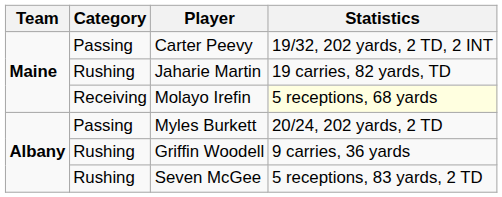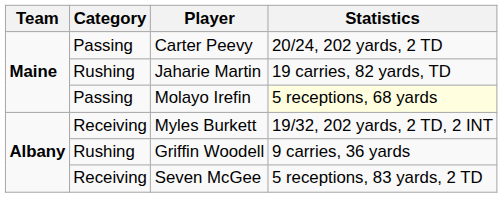 <table class="wikitable" style="float: right;">
 <tr>
 <th>Team</th>
 <th>Category</th>
 <th>Player</th>
 <th>Statistics</th>
 </tr>
 <tr>
 <td rowspan=3><strong>Maine</strong></td>
 <td>Passing</td>
 <td>Carter Peevy</td>
-<td>19/32, 202 yards, 2 TD, 2 INT</td>
+<td>20/24, 202 yards, 2 TD</td>
 </tr>
 <tr>
 <td>Rushing</td>
 <td>Jaharie Martin</td>
 <td>19 carries, 82 yards, TD</td>
 </tr>
 <tr>
-<td>Receiving</td>
+<td>Passing</td>
 <td>Molayo Irefin</td>
 <td style="background: lightyellow;">5 receptions, 68 yards</td>
 </tr>
 <tr>
 <td rowspan=3><strong>Albany</strong></td>
-<td>Passing</td>
+<td>Receiving</td>
 <td>Myles Burkett</td>
-<td>20/24, 202 yards, 2 TD</td>
+<td>19/32, 202 yards, 2 TD, 2 INT</td>
 </tr>
 <tr>
 <td>Rushing</td>
 <td>Griffin Woodell</td>
 <td>9 carries, 36 yards</td>
 </tr>
 <tr>
-<td>Rushing</td>
+<td>Receiving</td>
 <td>Seven McGee</td>
 <td>5 receptions, 83 yards, 2 TD</td>
 </tr>
 </table>
